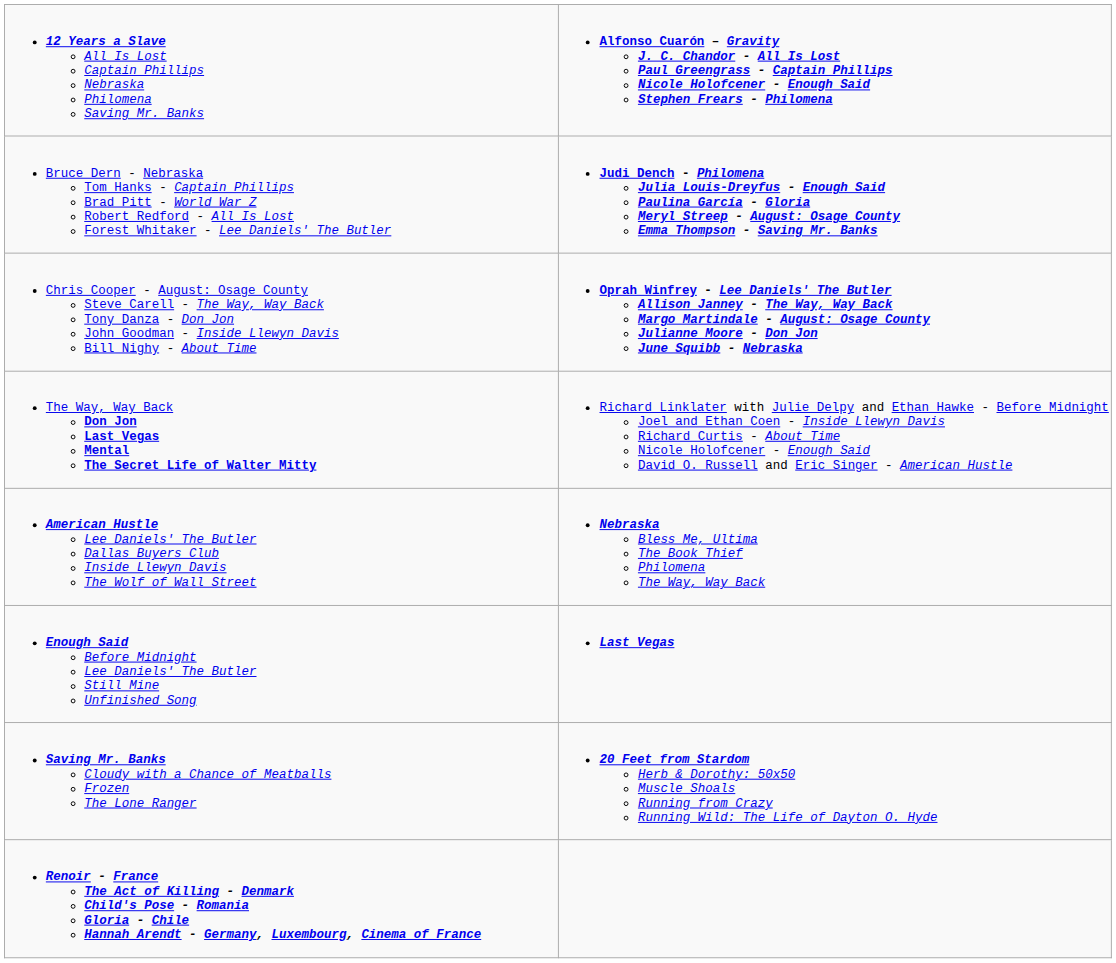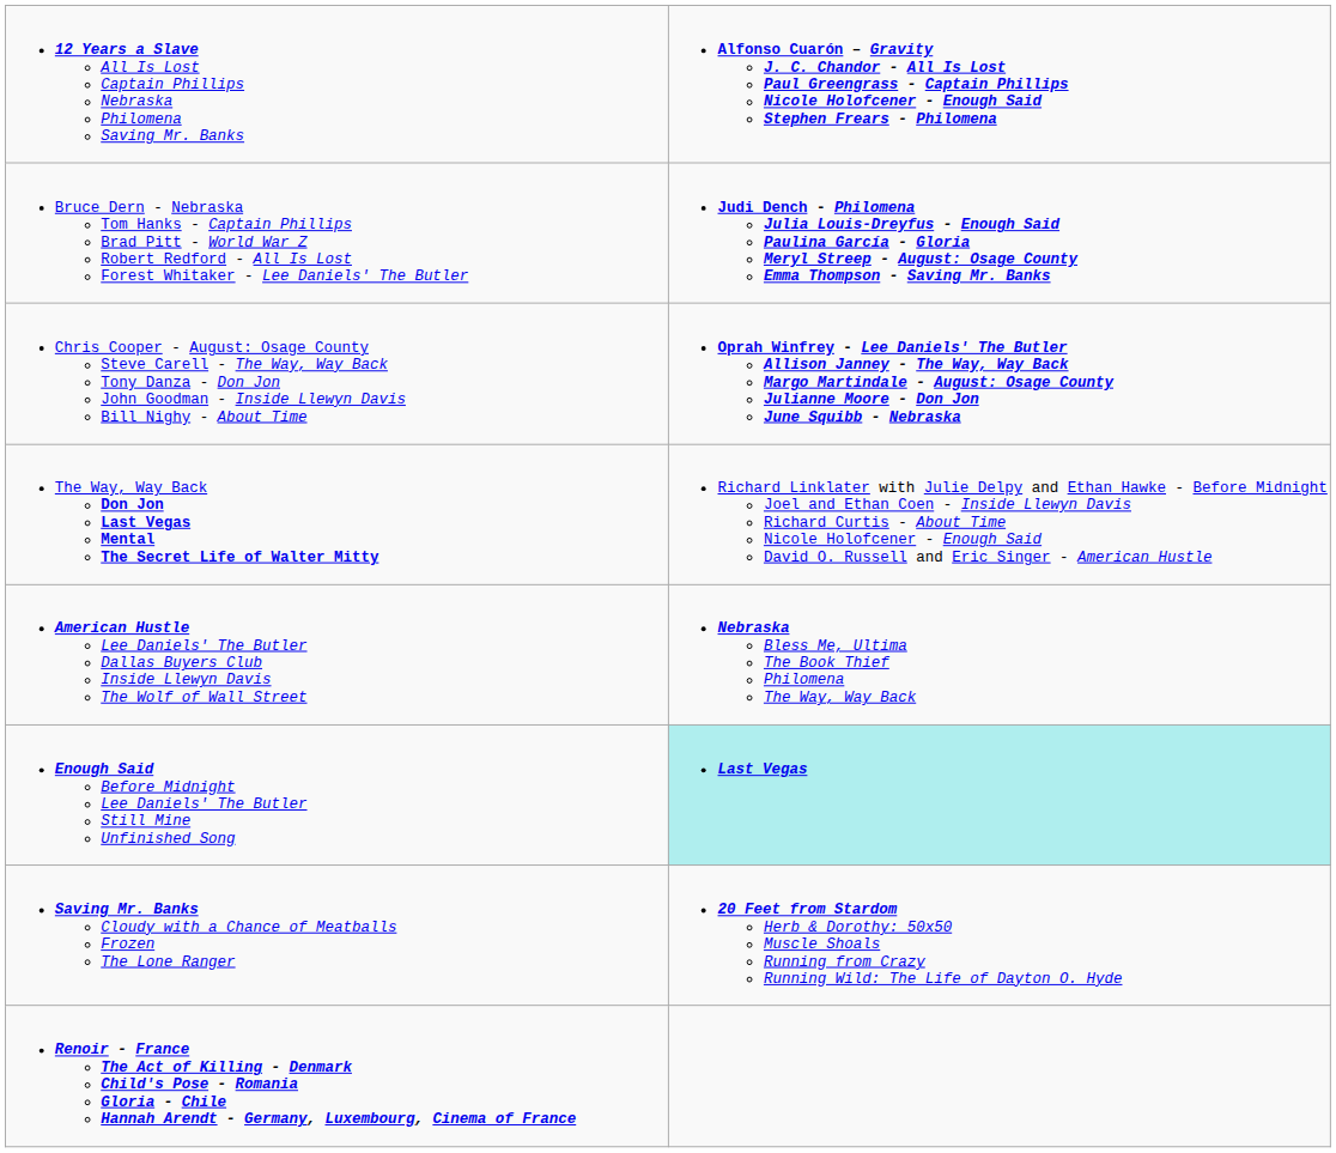 <table class=wikitable>
 <tr>
 <td style="vertical-align:top; width:50%;"><br><ul><li><strong><em><a href='#'>12 Years a Slave</a></em></strong><ul><li><em><a href='#'>All Is Lost</a></em></li><li><em><a href='#'>Captain Phillips</a></em></li><li><em><a href='#'>Nebraska</a></em></li><li><em><a href='#'>Philomena</a></em></li><li><em><a href='#'>Saving Mr. Banks</a></em></li></ul></li></ul></td>
 <td style="vertical-align:top; width:50%;"><br><ul><li><strong><a href='#'>Alfonso Cuarón</a> – <em><a href='#'>Gravity</a><strong><em><ul><li><a href='#'>J. C. Chandor</a> - </em><a href='#'>All Is Lost</a><em></li><li><a href='#'>Paul Greengrass</a> - </em><a href='#'>Captain Phillips</a><em></li><li><a href='#'>Nicole Holofcener</a> - </em><a href='#'>Enough Said</a><em></li><li><a href='#'>Stephen Frears</a> - </em><a href='#'>Philomena</a><em></li></ul></li></ul></td>
 </tr>
 <tr>
 <td style="vertical-align:top; width:50%;"><br><ul><li></strong><a href='#'>Bruce Dern</a> - </em><a href='#'>Nebraska</a></em></strong><ul><li><a href='#'>Tom Hanks</a> - <em><a href='#'>Captain Phillips</a></em></li><li><a href='#'>Brad Pitt</a> - <em><a href='#'>World War Z</a></em></li><li><a href='#'>Robert Redford</a> - <em><a href='#'>All Is Lost</a></em></li><li><a href='#'>Forest Whitaker</a> - <em><a href='#'>Lee Daniels' The Butler</a></em></li></ul></li></ul></td>
 <td style="vertical-align:top; width:50%;"><br><ul><li><strong><a href='#'>Judi Dench</a> - <em><a href='#'>Philomena</a><strong><em><ul><li><a href='#'>Julia Louis-Dreyfus</a> - </em><a href='#'>Enough Said</a><em></li><li><a href='#'>Paulina García</a> - </em><a href='#'>Gloria</a><em></li><li><a href='#'>Meryl Streep</a> - </em><a href='#'>August: Osage County</a><em></li><li><a href='#'>Emma Thompson</a> - </em><a href='#'>Saving Mr. Banks</a><em></li></ul></li></ul></td>
 </tr>
 <tr>
 <td style="vertical-align:top; width:50%;"><br><ul><li></strong><a href='#'>Chris Cooper</a> - </em><a href='#'>August: Osage County</a></em></strong><ul><li><a href='#'>Steve Carell</a> - <em><a href='#'>The Way, Way Back</a></em></li><li><a href='#'>Tony Danza</a> - <em><a href='#'>Don Jon</a></em></li><li><a href='#'>John Goodman</a> - <em><a href='#'>Inside Llewyn Davis</a></em></li><li><a href='#'>Bill Nighy</a> - <em><a href='#'>About Time</a></em></li></ul></li></ul></td>
 <td style="vertical-align:top; width:50%;"><br><ul><li><strong><a href='#'>Oprah Winfrey</a> - <em><a href='#'>Lee Daniels' The Butler</a><strong><em><ul><li><a href='#'>Allison Janney</a> - </em><a href='#'>The Way, Way Back</a><em></li><li><a href='#'>Margo Martindale</a> - </em><a href='#'>August: Osage County</a><em></li><li><a href='#'>Julianne Moore</a> - </em><a href='#'>Don Jon</a><em></li><li><a href='#'>June Squibb</a> - </em><a href='#'>Nebraska</a><em></li></ul></li></ul></td>
 </tr>
 <tr>
 <td style="vertical-align:top; width:50%;"><br><ul><li></em></strong><a href='#'>The Way, Way Back</a><strong><em><ul><li></em><a href='#'>Don Jon</a><em></li><li></em><a href='#'>Last Vegas</a><em></li><li></em><a href='#'>Mental</a><em></li><li></em><a href='#'>The Secret Life of Walter Mitty</a><em></li></ul></li></ul></td>
 <td style="vertical-align:top; width:50%;"><br><ul><li></strong><a href='#'>Richard Linklater</a> with <a href='#'>Julie Delpy</a> and <a href='#'>Ethan Hawke</a> - </em><a href='#'>Before Midnight</a></em></strong><ul><li><a href='#'>Joel and Ethan Coen</a> - <em><a href='#'>Inside Llewyn Davis</a></em></li><li><a href='#'>Richard Curtis</a> - <em><a href='#'>About Time</a></em></li><li><a href='#'>Nicole Holofcener</a> - <em><a href='#'>Enough Said</a></em></li><li><a href='#'>David O. Russell</a> and <a href='#'>Eric Singer</a> - <em><a href='#'>American Hustle</a></em></li></ul></li></ul></td>
 </tr>
 <tr>
 <td style="vertical-align:top; width:50%;"><br><ul><li><strong><em><a href='#'>American Hustle</a></em></strong><ul><li><em><a href='#'>Lee Daniels' The Butler</a></em></li><li><em><a href='#'>Dallas Buyers Club</a></em></li><li><em><a href='#'>Inside Llewyn Davis</a></em></li><li><em><a href='#'>The Wolf of Wall Street</a></em></li></ul></li></ul></td>
 <td style="vertical-align:top; width:50%;"><br><ul><li><strong><em><a href='#'>Nebraska</a></em></strong><ul><li><em><a href='#'>Bless Me, Ultima</a></em></li><li><em><a href='#'>The Book Thief</a></em></li><li><em><a href='#'>Philomena</a></em></li><li><em><a href='#'>The Way, Way Back</a></em></li></ul></li></ul></td>
 </tr>
 <tr>
 <td style="vertical-align:top; width:50%;"><br><ul><li><strong><em><a href='#'>Enough Said</a></em></strong><ul><li><em><a href='#'>Before Midnight</a></em></li><li><em><a href='#'>Lee Daniels' The Butler</a></em></li><li><em><a href='#'>Still Mine</a></em></li><li><em><a href='#'>Unfinished Song</a></em></li></ul></li></ul></td>
-<td style="vertical-align:top; width:50%;"><br><ul><li><strong><em><a href='#'>Last Vegas</a></em></strong></li></ul></td>
+<td style="background: paleturquoise; vertical-align:top; width:50%;"><br><ul><li><strong><em><a href='#'>Last Vegas</a></em></strong></li></ul></td>
 </tr>
 <tr>
 <td style="vertical-align:top; width:50%;"><br><ul><li><strong><em><a href='#'>Saving Mr. Banks</a></em></strong><ul><li><em><a href='#'>Cloudy with a Chance of Meatballs</a></em></li><li><em><a href='#'>Frozen</a></em></li><li><em><a href='#'>The Lone Ranger</a></em></li></ul></li></ul></td>
 <td style="vertical-align:top; width:50%;"><br><ul><li><strong><em><a href='#'>20 Feet from Stardom</a></em></strong><ul><li><em><a href='#'>Herb & Dorothy: 50x50</a></em></li><li><em><a href='#'>Muscle Shoals</a></em></li><li><em><a href='#'>Running from Crazy</a></em></li><li><em><a href='#'>Running Wild: The Life of Dayton O. Hyde</a></em></li></ul></li></ul></td>
 </tr>
 <tr>
 <td style="vertical-align:top; width:50%;"><br><ul><li><strong><em><a href='#'>Renoir</a><em> - <a href='#'>France</a><strong><ul><li></em><a href='#'>The Act of Killing</a><em> - <a href='#'>Denmark</a></li><li></em><a href='#'>Child's Pose</a><em> - <a href='#'>Romania</a></li><li></em><a href='#'>Gloria</a><em> - <a href='#'>Chile</a></li><li></em><a href='#'>Hannah Arendt</a><em> - <a href='#'>Germany</a>, <a href='#'>Luxembourg</a>, <a href='#'>Cinema of France</a></li></ul></li></ul></td>
 <td style="vertical-align:top; width:50%;"></td>
 </tr>
 </table>
